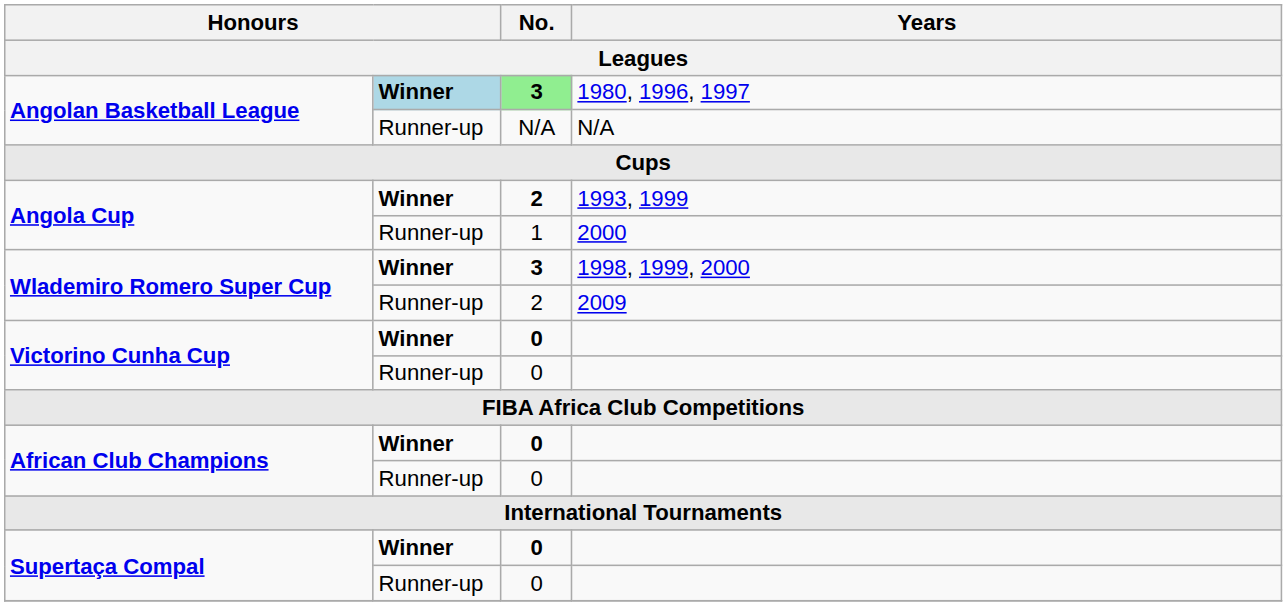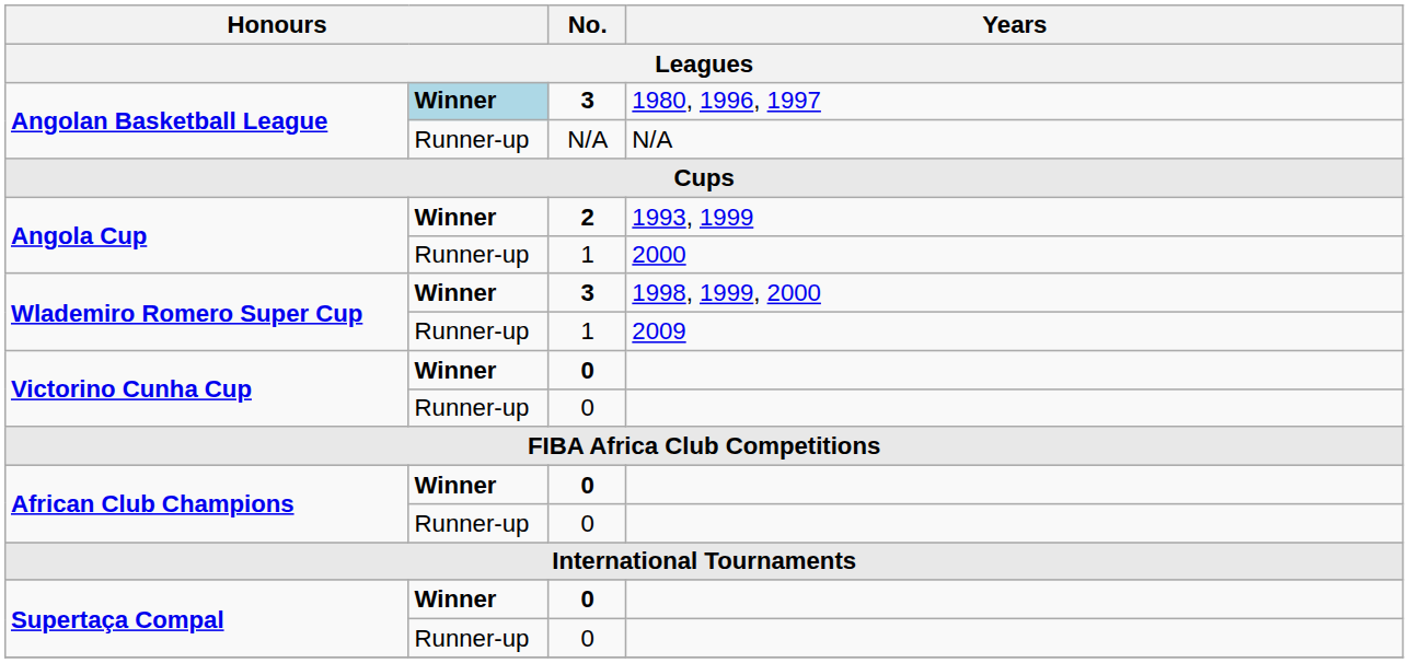 <table class="wikitable" style="font-size: 90%;">
 <tr>
 <th width=35% colspan=2>Honours</th>
 <th width=5%>No.</th>
 <th width=50%>Years</th>
 </tr>
 <tr>
 <th colspan="6">Leagues</th>
 </tr>
 <tr>
 <td rowspan=2><strong><a href='#'>Angolan Basketball League</a></strong></td>
 <td style="background: lightblue;"><strong>Winner</strong></td>
-<td align=center style="background: lightgreen;"><strong>3</strong></td>
+<td align=center><strong>3</strong></td>
 <td><a href='#'>1980</a>, <a href='#'>1996</a>, <a href='#'>1997</a></td>
 </tr>
 <tr>
 <td>Runner-up</td>
 <td align=center>N/A</td>
 <td>N/A</td>
 </tr>
 <tr>
 <th colspan="6" style="background:#E8E8E8;">Cups</th>
 </tr>
 <tr>
 <td rowspan=2><strong><a href='#'>Angola Cup</a></strong></td>
 <td><strong>Winner</strong></td>
 <td align=center><strong>2</strong></td>
 <td><a href='#'>1993</a>, <a href='#'>1999</a></td>
 </tr>
 <tr>
 <td>Runner-up</td>
 <td align=center>1</td>
 <td><a href='#'>2000</a></td>
 </tr>
 <tr>
 <td rowspan=2><strong><a href='#'>Wlademiro Romero Super Cup</a></strong></td>
 <td><strong>Winner</strong></td>
 <td align=center><strong>3</strong></td>
 <td><a href='#'>1998</a>, <a href='#'>1999</a>, <a href='#'>2000</a></td>
 </tr>
 <tr>
 <td>Runner-up</td>
-<td align=center>2</td>
+<td align=center>1</td>
 <td><a href='#'>2009</a></td>
 </tr>
 <tr>
 <td rowspan=2><strong><a href='#'>Victorino Cunha Cup</a></strong></td>
 <td><strong>Winner</strong></td>
 <td align=center><strong>0</strong></td>
 <td></td>
 </tr>
 <tr>
 <td>Runner-up</td>
 <td align=center>0</td>
 <td></td>
 </tr>
 <tr>
 <th colspan="6" style="background:#E8E8E8;">FIBA Africa Club Competitions</th>
 </tr>
 <tr>
 <td rowspan=2><strong><a href='#'>African Club Champions</a></strong></td>
 <td><strong>Winner</strong></td>
 <td align=center><strong>0</strong></td>
 <td></td>
 </tr>
 <tr>
 <td>Runner-up</td>
 <td align=center>0</td>
 <td></td>
 </tr>
 <tr>
 <th colspan="6" style="background:#E8E8E8;">International Tournaments</th>
 </tr>
 <tr>
 <td rowspan=2><strong><a href='#'>Supertaça Compal</a></strong></td>
 <td><strong>Winner</strong></td>
 <td align=center><strong>0</strong></td>
 <td></td>
 </tr>
 <tr>
 <td>Runner-up</td>
 <td align=center>0</td>
 <td></td>
 </tr>
 <tr>
 </tr>
 </table>
